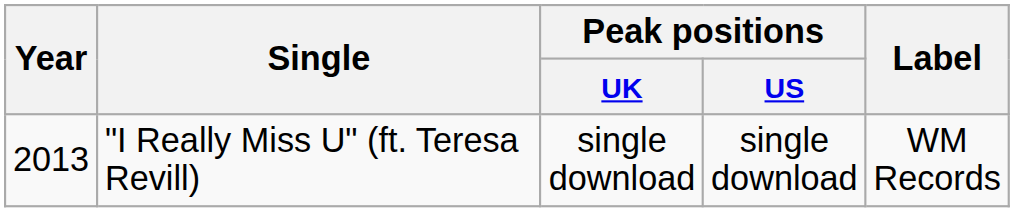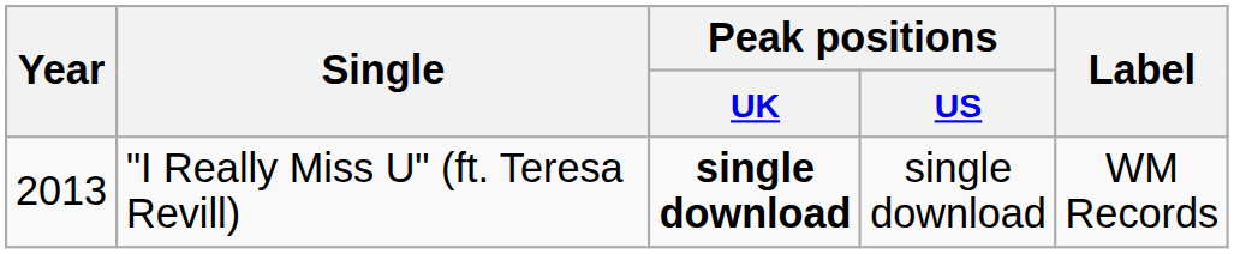 <table class="wikitable">
 <tr>
 <th rowspan="2" style="text-align:center; width:10px;">Year</th>
 <th rowspan="2" style="text-align:center; width:200px;">Single</th>
 <th style="text-align:center;" colspan="2">Peak positions</th>
 <th rowspan="2" style="text-align:center; width:40px;">Label</th>
 </tr>
 <tr>
 <th width="20"><small><a href='#'>UK</a></small></th>
 <th width="20"><small><a href='#'>US</a></small></th>
 </tr>
 <tr>
 <td style="text-align:center;" rowspan="3">2013</td>
 <td>"I Really Miss U" (ft. Teresa Revill)</td>
-<td style="text-align:center;">single download</td>
+<td style="text-align:center;"><strong>single download</strong></td>
 <td style="text-align:center;">single download</td>
 <td style="text-align:center;">WM Records</td>
 </tr>
 </table>
